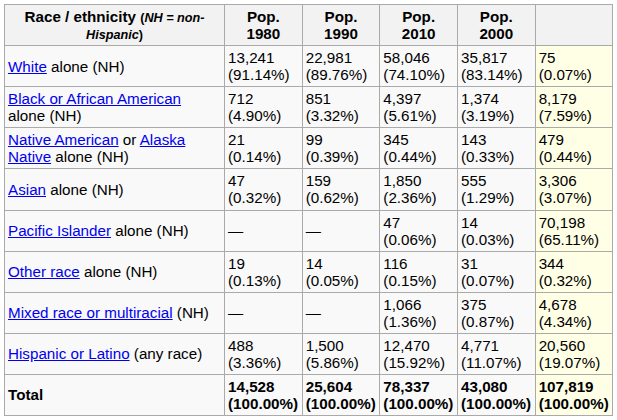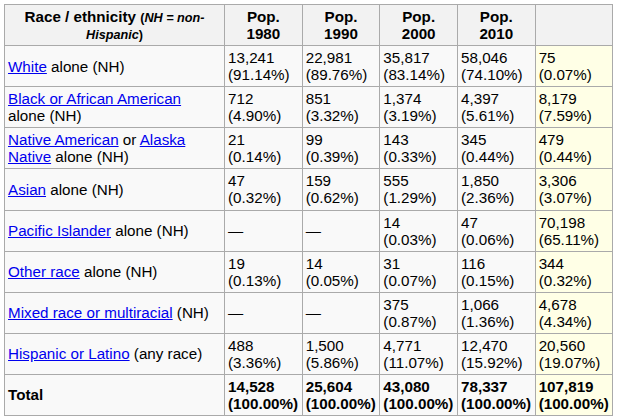 <table class="wikitable sortable collapsible" style="font-size: 95%;">
 <tr>
 <th>Race / ethnicity <small>(<em>NH = non-Hispanic</em>)</small></th>
 <th>Pop. 1980</th>
 <th>Pop. 1990</th>
+<th>Pop. 2000</th>
 <th>Pop. 2010</th>
-<th>Pop. 2000</th>
 <th></th>
 </tr>
 <tr>
 <td><a href='#'>White</a> alone (NH)</td>
 <td>13,241<br>(91.14%)</td>
 <td>22,981<br>(89.76%)</td>
+<td>35,817<br>(83.14%)</td>
 <td>58,046<br>(74.10%)</td>
-<td>35,817<br>(83.14%)</td>
 <td style='background: #ffffe6;'>75<br>(0.07%)</td>
 </tr>
 <tr>
 <td><a href='#'>Black or African American</a> alone (NH)</td>
 <td>712<br>(4.90%)</td>
 <td>851<br>(3.32%)</td>
+<td>1,374<br>(3.19%)</td>
 <td>4,397<br>(5.61%)</td>
-<td>1,374<br>(3.19%)</td>
 <td style='background: #ffffe6;'>8,179<br>(7.59%)</td>
 </tr>
 <tr>
 <td><a href='#'>Native American</a> or <a href='#'>Alaska Native</a> alone (NH)</td>
 <td>21<br>(0.14%)</td>
 <td>99<br>(0.39%)</td>
+<td>143<br>(0.33%)</td>
 <td>345<br>(0.44%)</td>
-<td>143<br>(0.33%)</td>
 <td style='background: #ffffe6;'>479<br>(0.44%)</td>
 </tr>
 <tr>
 <td><a href='#'>Asian</a> alone (NH)</td>
 <td>47<br>(0.32%)</td>
 <td>159<br>(0.62%)</td>
+<td>555<br>(1.29%)</td>
 <td>1,850<br>(2.36%)</td>
-<td>555<br>(1.29%)</td>
 <td style='background: #ffffe6;'>3,306<br>(3.07%)</td>
 </tr>
 <tr>
 <td><a href='#'>Pacific Islander</a> alone (NH)</td>
 <td>—</td>
 <td>—</td>
+<td>14<br>(0.03%)</td>
 <td>47<br>(0.06%)</td>
-<td>14<br>(0.03%)</td>
 <td style='background: #ffffe6;'>70,198<br>(65.11%)</td>
 </tr>
 <tr>
 <td><a href='#'>Other race</a> alone (NH)</td>
 <td>19<br>(0.13%)</td>
 <td>14<br>(0.05%)</td>
+<td>31<br>(0.07%)</td>
 <td>116<br>(0.15%)</td>
-<td>31<br>(0.07%)</td>
 <td style='background: #ffffe6;'>344<br>(0.32%)</td>
 </tr>
 <tr>
 <td><a href='#'>Mixed race or multiracial</a> (NH)</td>
 <td>—</td>
 <td>—</td>
+<td>375<br>(0.87%)</td>
 <td>1,066<br>(1.36%)</td>
-<td>375<br>(0.87%)</td>
 <td style='background: #ffffe6;'>4,678<br>(4.34%)</td>
 </tr>
 <tr>
 <td><a href='#'>Hispanic or Latino</a> (any race)</td>
 <td>488<br>(3.36%)</td>
 <td>1,500<br>(5.86%)</td>
+<td>4,771<br>(11.07%)</td>
 <td>12,470<br>(15.92%)</td>
-<td>4,771<br>(11.07%)</td>
 <td style='background: #ffffe6;'>20,560<br>(19.07%)</td>
 </tr>
 <tr>
 <td><strong>Total</strong></td>
 <td><strong>14,528<br>(100.00%)</strong></td>
 <td><strong>25,604<br>(100.00%)</strong></td>
+<td><strong>43,080<br>(100.00%)</strong></td>
 <td><strong>78,337<br>(100.00%)</strong></td>
-<td><strong>43,080<br>(100.00%)</strong></td>
 <td style='background: #ffffe6;'><strong>107,819<br>(100.00%)</strong></td>
 </tr>
 </table>
